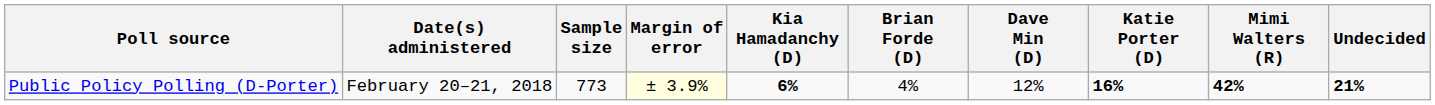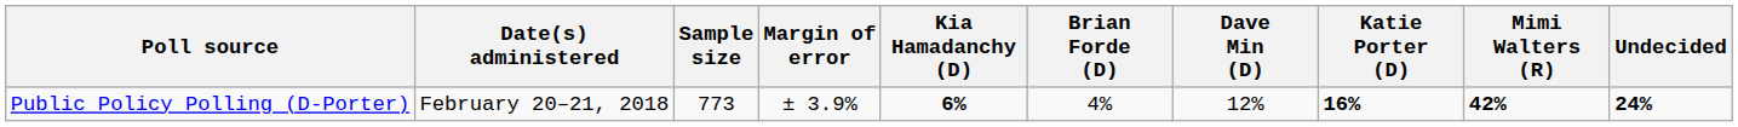 <table class="wikitable">
 <tr>
 <th>Poll source</th>
 <th>Date(s)<br>administered</th>
 <th>Sample<br>size</th>
 <th>Margin of<br>error</th>
 <th style="width:85px;">Kia<br>Hamadanchy<br>(D)</th>
 <th style="width:85px;">Brian<br>Forde<br>(D)</th>
 <th style="width:85px;">Dave<br>Min<br>(D)</th>
 <th style="width:85px;">Katie<br>Porter<br>(D)</th>
 <th style="width:85px;">Mimi<br>Walters<br>(R)</th>
 <th>Undecided</th>
 </tr>
 <tr>
 <td><a href='#'>Public Policy Polling (D-Porter)</a></td>
 <td style="text-align:center">February 20–21, 2018</td>
 <td style="text-align:center">773</td>
-<td style="background: lightyellow; text-align:center">± 3.9%</td>
+<td style="text-align:center">± 3.9%</td>
 <td style="text-align:center"><strong>6%</strong></td>
 <td style="text-align:center">4%</td>
 <td style="text-align:center">12%</td>
 <td style="background-color:"><strong>16%</strong></td>
 <td style="background-color:"><strong>42%</strong></td>
-<td><strong>21%</strong></td>
+<td><strong>24%</strong></td>
 </tr>
 </table>
